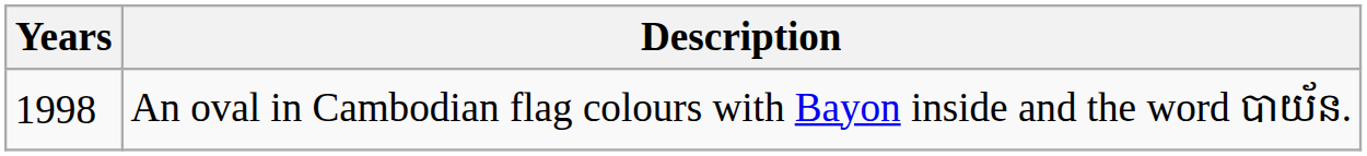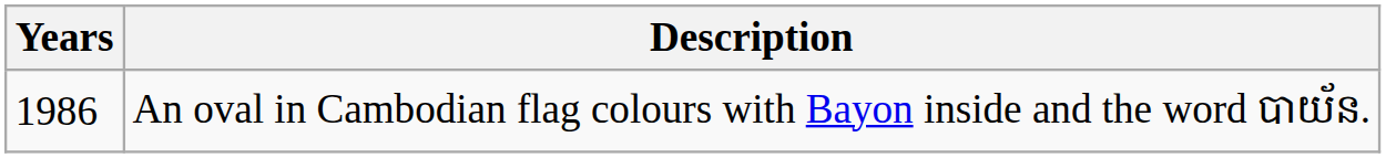 <table class="wikitable">
 <tr>
 <th>Years</th>
 <th>Description</th>
 </tr>
 <tr -->
-<td>1998</td>
+<td>1986</td>
 <td>An oval in Cambodian flag colours with <a href='#'>Bayon</a> inside and the word បាយ័ន.</td>
 </tr>
 </table>
